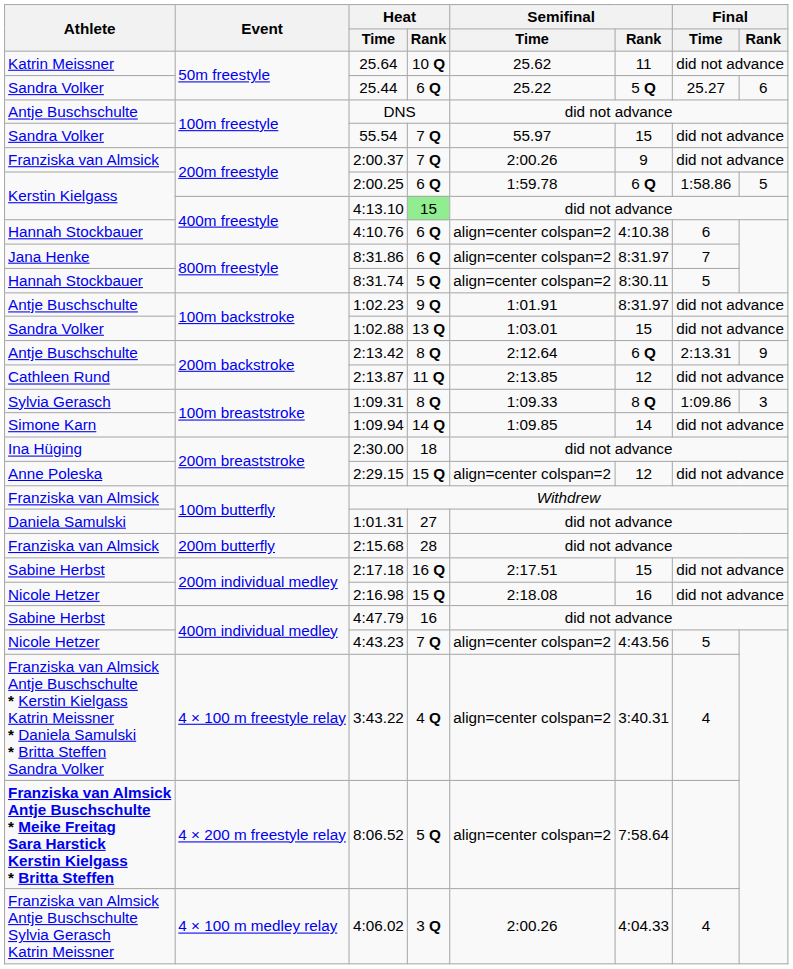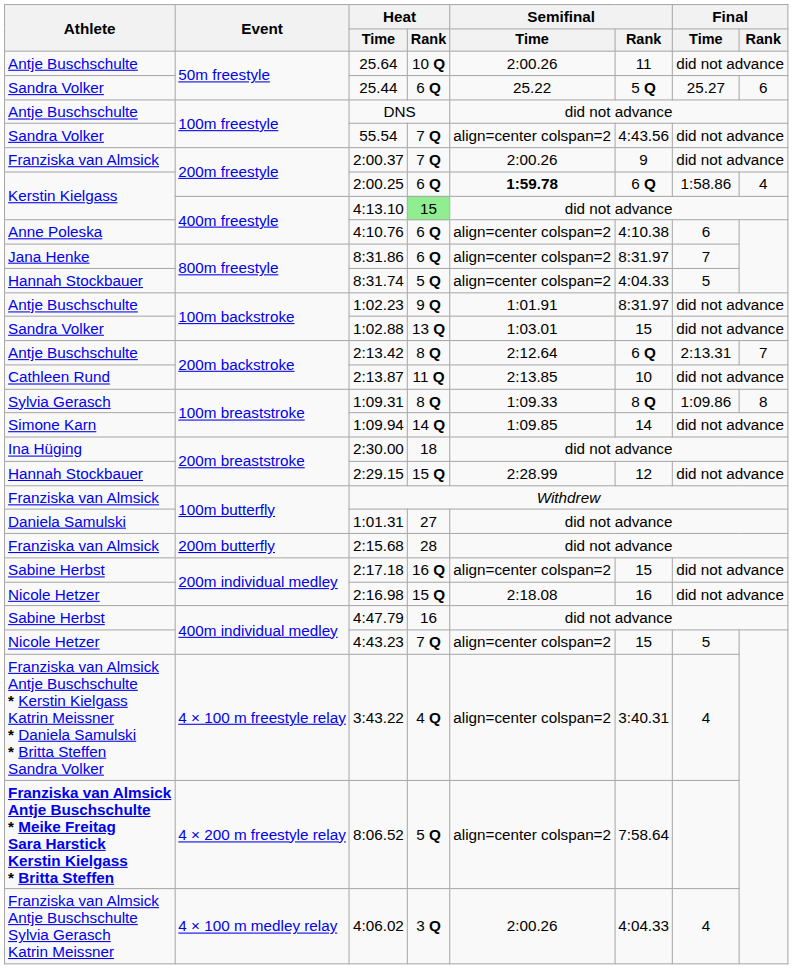 <table class=wikitable style="font-size:90%">
 <tr>
 <th rowspan="2">Athlete</th>
 <th rowspan="2">Event</th>
 <th colspan="2">Heat</th>
 <th colspan="2">Semifinal</th>
 <th colspan="2">Final</th>
 </tr>
 <tr style="font-size:95%">
 <th>Time</th>
 <th>Rank</th>
 <th>Time</th>
 <th>Rank</th>
 <th>Time</th>
 <th>Rank</th>
 </tr>
 <tr>
-<td align=left><a href='#'>Katrin Meissner</a></td>
+<td align=left><a href='#'>Antje Buschschulte</a></td>
 <td align=left rowspan=2><a href='#'>50m freestyle</a></td>
 <td align=center>25.64</td>
 <td align=center>10 <strong>Q</strong></td>
-<td align=center>25.62</td>
+<td align=center>2:00.26</td>
 <td align=center>11</td>
 <td align=center colspan=2>did not advance</td>
 </tr>
 <tr>
 <td align=left><a href='#'>Sandra Volker</a></td>
 <td align=center>25.44</td>
 <td align=center>6 <strong>Q</strong></td>
 <td align=center>25.22</td>
 <td align=center>5 <strong>Q</strong></td>
 <td align=center>25.27</td>
 <td align=center>6</td>
 </tr>
 <tr>
 <td align=left><a href='#'>Antje Buschschulte</a></td>
 <td align=left rowspan=2><a href='#'>100m freestyle</a></td>
 <td align=center colspan=2>DNS</td>
 <td align=center colspan=4>did not advance</td>
 </tr>
 <tr>
 <td align=left><a href='#'>Sandra Volker</a></td>
 <td align=center>55.54</td>
 <td align=center>7 <strong>Q</strong></td>
-<td align=center>55.97</td>
-<td align=center>15</td>
+<td>align=center colspan=2 </td>
+<td align=center>4:43.56</td>
 <td align=center colspan=2>did not advance</td>
 </tr>
 <tr>
 <td align=left><a href='#'>Franziska van Almsick</a></td>
 <td align=left rowspan=2><a href='#'>200m freestyle</a></td>
 <td align=center>2:00.37</td>
 <td align=center>7 <strong>Q</strong></td>
 <td align=center>2:00.26</td>
 <td align=center>9</td>
 <td align=center colspan=2>did not advance</td>
 </tr>
 <tr>
 <td align=left rowspan=2><a href='#'>Kerstin Kielgass</a></td>
 <td align=center>2:00.25</td>
 <td align=center>6 <strong>Q</strong></td>
-<td align=center>1:59.78</td>
+<td align=center><strong>1:59.78</strong></td>
 <td align=center>6 <strong>Q</strong></td>
 <td align=center>1:58.86</td>
-<td align=center>5</td>
+<td align=center>4</td>
 </tr>
 <tr>
 <td align=left rowspan=2><a href='#'>400m freestyle</a></td>
 <td align=center>4:13.10</td>
 <td align=center style="background: lightgreen;">15</td>
 <td align=center colspan=4>did not advance</td>
 </tr>
 <tr>
-<td align=left><a href='#'>Hannah Stockbauer</a></td>
+<td align=left><a href='#'>Anne Poleska</a></td>
 <td align=center>4:10.76</td>
 <td align=center>6 <strong>Q</strong></td>
 <td>align=center colspan=2 </td>
 <td align=center>4:10.38</td>
 <td align=center>6</td>
 </tr>
 <tr>
 <td align=left><a href='#'>Jana Henke</a></td>
 <td align=left rowspan=2><a href='#'>800m freestyle</a></td>
 <td align=center>8:31.86</td>
 <td align=center>6 <strong>Q</strong></td>
 <td>align=center colspan=2 </td>
 <td align=center>8:31.97</td>
 <td align=center>7</td>
 </tr>
 <tr>
 <td align=left><a href='#'>Hannah Stockbauer</a></td>
 <td align=center>8:31.74</td>
 <td align=center>5 <strong>Q</strong></td>
 <td>align=center colspan=2 </td>
-<td align=center>8:30.11</td>
+<td align=center>4:04.33</td>
 <td align=center>5</td>
 </tr>
 <tr>
 <td align=left><a href='#'>Antje Buschschulte</a></td>
 <td align=left rowspan=2><a href='#'>100m backstroke</a></td>
 <td align=center>1:02.23</td>
 <td align=center>9 <strong>Q</strong></td>
 <td align=center>1:01.91</td>
 <td align=center>8:31.97</td>
 <td align=center colspan=2>did not advance</td>
 </tr>
 <tr>
 <td align=left><a href='#'>Sandra Volker</a></td>
 <td align=center>1:02.88</td>
 <td align=center>13 <strong>Q</strong></td>
 <td align=center>1:03.01</td>
 <td align=center>15</td>
 <td align=center colspan=2>did not advance</td>
 </tr>
 <tr>
 <td align=left><a href='#'>Antje Buschschulte</a></td>
 <td align=left rowspan=2><a href='#'>200m backstroke</a></td>
 <td align=center>2:13.42</td>
 <td align=center>8 <strong>Q</strong></td>
 <td align=center>2:12.64</td>
 <td align=center>6 <strong>Q</strong></td>
 <td align=center>2:13.31</td>
-<td align=center>9</td>
+<td align=center>7</td>
 </tr>
 <tr>
 <td align=left><a href='#'>Cathleen Rund</a></td>
 <td align=center>2:13.87</td>
 <td align=center>11 <strong>Q</strong></td>
 <td align=center>2:13.85</td>
-<td align=center>12</td>
+<td align=center>10</td>
 <td align=center colspan=2>did not advance</td>
 </tr>
 <tr>
 <td align=left><a href='#'>Sylvia Gerasch</a></td>
 <td align=left rowspan=2><a href='#'>100m breaststroke</a></td>
 <td align=center>1:09.31</td>
 <td align=center>8 <strong>Q</strong></td>
 <td align=center>1:09.33</td>
 <td align=center>8 <strong>Q</strong></td>
 <td align=center>1:09.86</td>
-<td align=center>3</td>
+<td align=center>8</td>
 </tr>
 <tr>
 <td align=left><a href='#'>Simone Karn</a></td>
 <td align=center>1:09.94</td>
 <td align=center>14 <strong>Q</strong></td>
 <td align=center>1:09.85</td>
 <td align=center>14</td>
 <td align=center colspan=2>did not advance</td>
 </tr>
 <tr>
 <td align=left><a href='#'>Ina Hüging</a></td>
 <td align=left rowspan=2><a href='#'>200m breaststroke</a></td>
 <td align=center>2:30.00</td>
 <td align=center>18</td>
 <td align=center colspan=4>did not advance</td>
 </tr>
 <tr>
-<td align=left><a href='#'>Anne Poleska</a></td>
+<td align=left><a href='#'>Hannah Stockbauer</a></td>
 <td align=center>2:29.15</td>
 <td align=center>15 <strong>Q</strong></td>
-<td>align=center colspan=2 </td>
+<td align=center>2:28.99</td>
 <td align=center>12</td>
 <td align=center colspan=2>did not advance</td>
 </tr>
 <tr>
 <td align=left><a href='#'>Franziska van Almsick</a></td>
 <td align=left rowspan=2><a href='#'>100m butterfly</a></td>
 <td align=center colspan=6><em>Withdrew</em></td>
 </tr>
 <tr>
 <td align=left><a href='#'>Daniela Samulski</a></td>
 <td align=center>1:01.31</td>
 <td align=center>27</td>
 <td align=center colspan=4>did not advance</td>
 </tr>
 <tr>
 <td align=left><a href='#'>Franziska van Almsick</a></td>
 <td align=left><a href='#'>200m butterfly</a></td>
 <td align=center>2:15.68</td>
 <td align=center>28</td>
 <td align=center colspan=4>did not advance</td>
 </tr>
 <tr>
 <td align=left><a href='#'>Sabine Herbst</a></td>
 <td align=left rowspan=2><a href='#'>200m individual medley</a></td>
 <td align=center>2:17.18</td>
 <td align=center>16 <strong>Q</strong></td>
-<td align=center>2:17.51</td>
+<td>align=center colspan=2 </td>
 <td align=center>15</td>
 <td align=center colspan=2>did not advance</td>
 </tr>
 <tr>
 <td align=left><a href='#'>Nicole Hetzer</a></td>
 <td align=center>2:16.98</td>
 <td align=center>15 <strong>Q</strong></td>
 <td align=center>2:18.08</td>
 <td align=center>16</td>
 <td align=center colspan=2>did not advance</td>
 </tr>
 <tr>
 <td align=left><a href='#'>Sabine Herbst</a></td>
 <td align=left rowspan=2><a href='#'>400m individual medley</a></td>
 <td align=center>4:47.79</td>
 <td align=center>16</td>
 <td align=center colspan=4>did not advance</td>
 </tr>
 <tr>
 <td align=left><a href='#'>Nicole Hetzer</a></td>
 <td align=center>4:43.23</td>
 <td align=center>7 <strong>Q</strong></td>
 <td>align=center colspan=2 </td>
-<td align=center>4:43.56</td>
+<td align=center>15</td>
 <td align=center>5</td>
 </tr>
 <tr>
 <td align=left><a href='#'>Franziska van Almsick</a><br> <a href='#'>Antje Buschschulte</a><br> <strong>*</strong> <a href='#'>Kerstin Kielgass</a><br> <a href='#'>Katrin Meissner</a><br> <strong>*</strong> <a href='#'>Daniela Samulski</a><br> <strong>*</strong> <a href='#'>Britta Steffen</a><br> <a href='#'>Sandra Volker</a></td>
 <td align=left><a href='#'>4 × 100 m freestyle relay</a></td>
 <td align=center>3:43.22</td>
 <td align=center>4 <strong>Q</strong></td>
 <td>align=center colspan=2 </td>
 <td align=center>3:40.31</td>
 <td align=center>4</td>
 </tr>
 <tr>
 <td align=left><strong><a href='#'>Franziska van Almsick</a></strong><br> <strong><a href='#'>Antje Buschschulte</a></strong><br> <strong>*</strong> <strong><a href='#'>Meike Freitag</a></strong><br> <strong><a href='#'>Sara Harstick</a></strong><br> <strong><a href='#'>Kerstin Kielgass</a></strong><br> <strong>*</strong> <strong><a href='#'>Britta Steffen</a></strong></td>
 <td align=left><a href='#'>4 × 200 m freestyle relay</a></td>
 <td align=center>8:06.52</td>
 <td align=center>5 <strong>Q</strong></td>
 <td>align=center colspan=2 </td>
 <td align=center>7:58.64</td>
 <td align=center></td>
 </tr>
 <tr>
 <td align=left><a href='#'>Franziska van Almsick</a><br> <a href='#'>Antje Buschschulte</a><br> <a href='#'>Sylvia Gerasch</a><br> <a href='#'>Katrin Meissner</a></td>
 <td align=left><a href='#'>4 × 100 m medley relay</a></td>
 <td align=center>4:06.02</td>
 <td align=center>3 <strong>Q</strong></td>
 <td align=center>2:00.26</td>
 <td align=center>4:04.33</td>
 <td align=center>4</td>
 </tr>
 </table>
